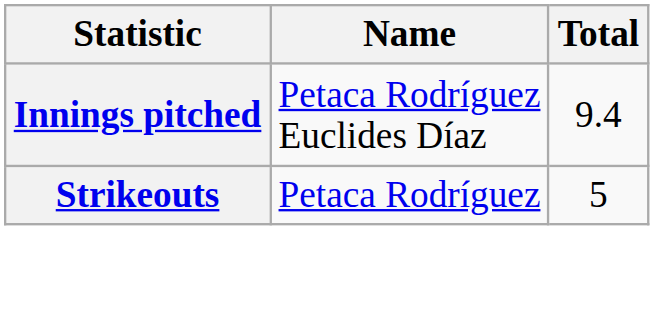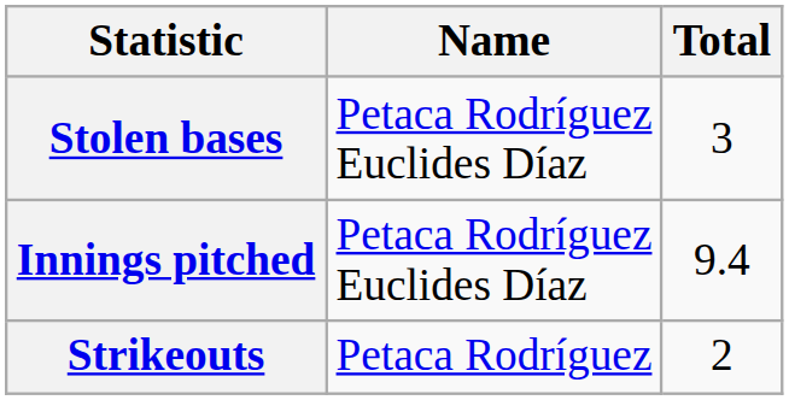 <table class="wikitable plainrowheaders">
 <tr>
 <th scope="col">Statistic</th>
 <th scope="col">Name</th>
 <th scope="col">Total</th>
+</tr>
+<tr>
+<th scope="row"><a href='#'>Stolen bases</a></th>
+<td> <a href='#'>Petaca Rodríguez</a><br> Euclides Díaz</td>
+<td align=center>3</td>
 </tr>
 <tr>
 <th scope="row"><a href='#'>Innings pitched</a></th>
 <td> <a href='#'>Petaca Rodríguez</a><br> Euclides Díaz</td>
 <td align=center>9.4</td>
 </tr>
 <tr>
 <th scope="row"><a href='#'>Strikeouts</a></th>
 <td> <a href='#'>Petaca Rodríguez</a></td>
-<td align=center>5</td>
+<td align=center>2</td>
 </tr>
 </table>
